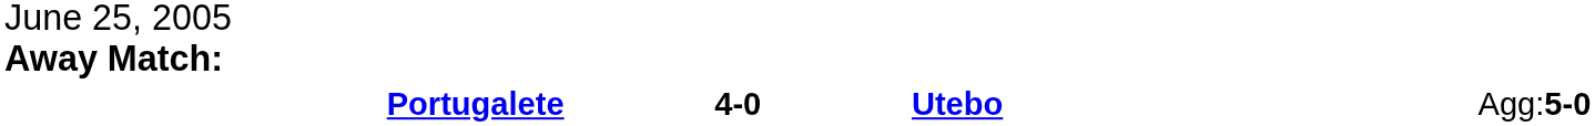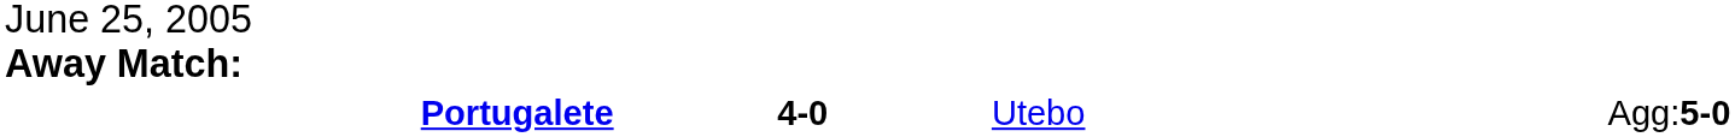 <table width=100% cellspacing=1>
 <tr>
 <th width=20%></th>
 <th width=12%></th>
 <th width=20%></th>
 <th></th>
 </tr>
 <tr>
 <td>June 25, 2005<br><strong>Away Match:</strong></td>
 </tr>
 <tr style=font-size:90%>
 <td align=right><strong><a href='#'>Portugalete</a></strong></td>
 <td align=center><strong>4-0</strong></td>
-<td><strong><a href='#'>Utebo</a></strong></td>
+<td><a href='#'>Utebo</a></td>
 <td>Agg:<strong>5-0</strong></td>
 </tr>
 </table>
